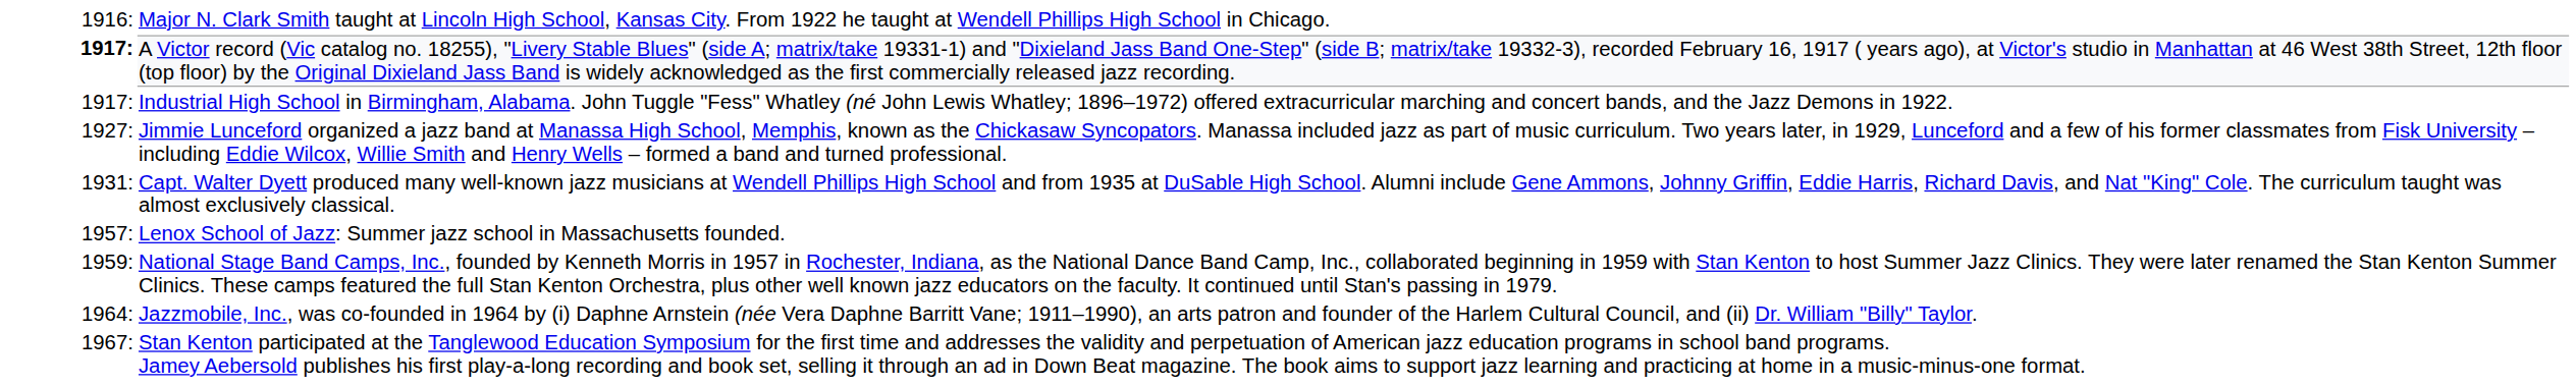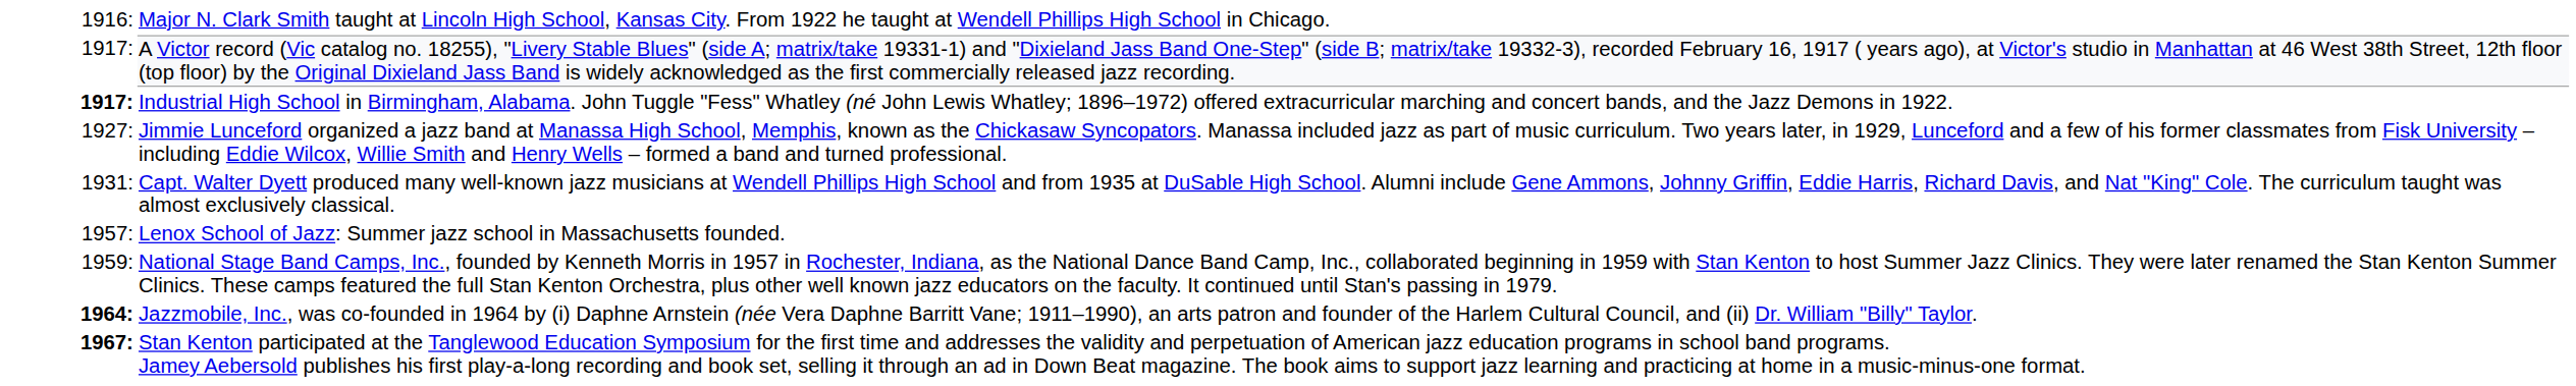 <table valign="top"; border="0" cellpadding="1" style="color:black; background-color: #FFFFFF">
 <tr valign="top">
 <td width="5%" style="text-align:right">1916:</td>
 <td width="95%" style="text-align:left"><a href='#'>Major N. Clark Smith</a> taught at <a href='#'>Lincoln High School</a>, <a href='#'>Kansas City</a>. From 1922 he taught at <a href='#'>Wendell Phillips High School</a> in Chicago.</td>
 </tr>
 <tr valign="top">
-<td width="5%" style="text-align:right"><strong>1917:</strong></td>
+<td width="5%" style="text-align:right">1917:</td>
 <td width="95%" style="text-align:left; border: 1px darkgray; border-style: solid none solid none; background-color: #F8F9FB;">A <a href='#'>Victor</a> record (<a href='#'>Vic</a> catalog no.  18255), "<a href='#'>Livery Stable Blues</a>" (<a href='#'>side A</a>; <a href='#'>matrix/take</a> 19331-1) and "<a href='#'>Dixieland Jass Band One-Step</a>" (<a href='#'>side B</a>; <a href='#'>matrix/take</a> 19332-3), recorded February 16, 1917 ( years ago), at <a href='#'>Victor's</a> studio in <a href='#'>Manhattan</a> at 46 West 38th Street, 12th floor (top floor) by the <a href='#'>Original Dixieland Jass Band</a> is widely acknowledged as the first commercially released jazz recording.</td>
 </tr>
 <tr valign="top">
-<td width="5%" style="text-align:right">1917:</td>
+<td width="5%" style="text-align:right"><strong>1917:</strong></td>
 <td width="95%" style="text-align:left"><a href='#'>Industrial High School</a> in <a href='#'>Birmingham, Alabama</a>. John Tuggle "Fess" Whatley <em>(né</em> John Lewis Whatley; 1896–1972) offered extracurricular marching and concert bands, and the Jazz Demons in 1922.</td>
 </tr>
 <tr valign="top">
 <td width="5%" style="text-align:right">1927:</td>
 <td width="95%" style="text-align:left"><a href='#'>Jimmie Lunceford</a> organized a jazz band at <a href='#'>Manassa High School</a>, <a href='#'>Memphis</a>, known as the <a href='#'>Chickasaw Syncopators</a>.  Manassa included jazz as part of music curriculum.  Two years later, in 1929, <a href='#'>Lunceford</a> and a few of his former classmates from <a href='#'>Fisk University</a> – including <a href='#'>Eddie Wilcox</a>, <a href='#'>Willie Smith</a> and <a href='#'>Henry Wells</a> – formed a band and turned professional.</td>
 </tr>
 <tr valign="top">
 <td width="5%" style="text-align:right">1931:</td>
 <td width="95%" style="text-align:left"><a href='#'>Capt. Walter Dyett</a> produced many well-known jazz musicians at <a href='#'>Wendell Phillips High School</a> and from 1935 at <a href='#'>DuSable High School</a>.  Alumni include <a href='#'>Gene Ammons</a>, <a href='#'>Johnny Griffin</a>, <a href='#'>Eddie Harris</a>, <a href='#'>Richard Davis</a>, and <a href='#'>Nat "King" Cole</a>. The curriculum taught was almost exclusively classical.</td>
 </tr>
 <tr valign="top">
 <td width="5%" style="text-align:right">1957:</td>
 <td width="95%" style="text-align:left"><a href='#'>Lenox School of Jazz</a>: Summer jazz school in Massachusetts founded.</td>
 </tr>
 <tr valign="top">
 <td width="5%" style="text-align:right">1959:</td>
 <td width="95%" style="text-align:left"><a href='#'>National Stage Band Camps, Inc.</a>, founded by Kenneth Morris in 1957 in <a href='#'>Rochester, Indiana</a>, as the National Dance Band Camp, Inc., collaborated beginning in 1959 with <a href='#'>Stan Kenton</a> to host Summer Jazz Clinics.  They were later renamed the Stan Kenton Summer Clinics.  These camps featured the full Stan Kenton Orchestra, plus other well known jazz educators on the faculty.  It continued until Stan's passing in 1979.</td>
 </tr>
 <tr valign="top">
-<td width="5%" style="text-align:right">1964:</td>
+<td width="5%" style="text-align:right"><strong>1964:</strong></td>
 <td width="95%" style="text-align:left"><a href='#'>Jazzmobile, Inc.</a>, was co-founded in 1964 by (i) Daphne Arnstein <em>(née</em> Vera Daphne Barritt Vane; 1911–1990), an arts patron and founder of the Harlem Cultural Council, and (ii) <a href='#'>Dr. William "Billy" Taylor</a>.</td>
 </tr>
 <tr valign="top">
-<td width="5%" style="text-align:right">1967:</td>
+<td width="5%" style="text-align:right"><strong>1967:</strong></td>
 <td width="95%" style="text-align:left"><a href='#'>Stan Kenton</a> participated at the <a href='#'>Tanglewood Education Symposium</a> for the first time and addresses the validity and perpetuation of American jazz education programs in school band programs.<br><a href='#'>Jamey Aebersold</a> publishes his first play-a-long recording and book set, selling it through an ad in Down Beat magazine. The book aims to support jazz learning and practicing at home in a music-minus-one format.</td>
 </tr>
 </table>
